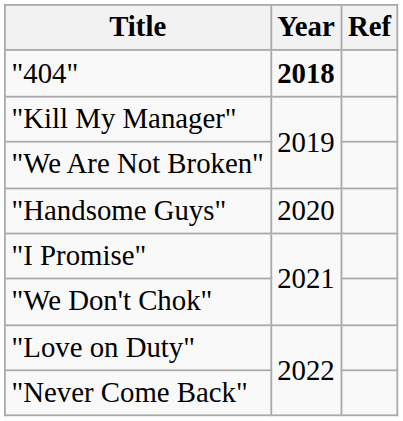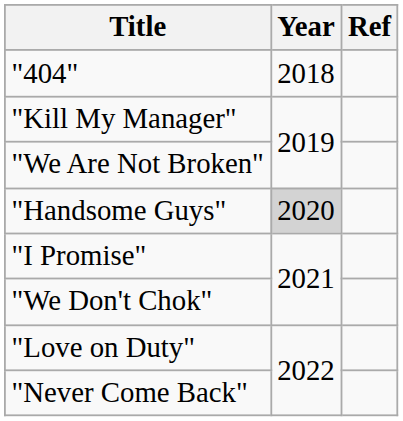 <table class="wikitable">
 <tr>
 <th>Title</th>
 <th>Year</th>
 <th>Ref</th>
 </tr>
 <tr>
 <td>"404"</td>
-<td><strong>2018</strong></td>
+<td>2018</td>
 <td></td>
 </tr>
 <tr>
 <td>"Kill My Manager" </td>
 <td rowspan="2">2019</td>
 <td></td>
 </tr>
 <tr>
 <td>"We Are Not Broken" </td>
 <td></td>
 </tr>
 <tr>
 <td>"Handsome Guys" </td>
-<td>2020</td>
+<td style="background: lightgrey;">2020</td>
 <td></td>
 </tr>
 <tr>
 <td>"I Promise"</td>
 <td rowspan="2">2021</td>
 <td></td>
 </tr>
 <tr>
 <td>"We Don't Chok" </td>
 <td></td>
 </tr>
 <tr>
 <td>"Love on Duty" </td>
 <td rowspan="2">2022</td>
 <td></td>
 </tr>
 <tr>
 <td>"Never Come Back"</td>
 <td></td>
 </tr>
 </table>
